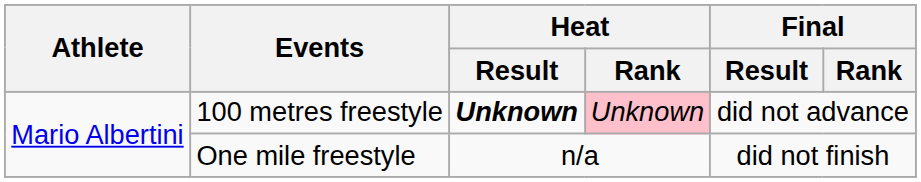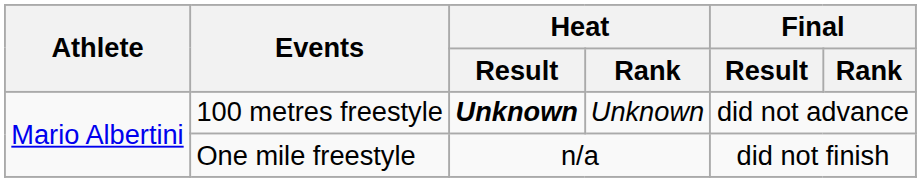 <table class=wikitable style="font-size:90%">
 <tr>
 <th rowspan="2">Athlete</th>
 <th rowspan="2">Events</th>
 <th colspan="2">Heat</th>
 <th colspan="2">Final</th>
 </tr>
 <tr>
 <th>Result</th>
 <th>Rank</th>
 <th>Result</th>
 <th>Rank</th>
 </tr>
 <tr>
 <td rowspan=2><a href='#'>Mario Albertini</a></td>
 <td>100 metres freestyle</td>
 <td align="center"><strong><em>Unknown</em></strong></td>
-<td align="center" style="background: pink;"><em>Unknown</em></td>
+<td align="center"><em>Unknown</em></td>
 <td align="center" colspan=2>did not advance</td>
 </tr>
 <tr>
 <td>One mile freestyle</td>
 <td align="center" colspan=2>n/a</td>
 <td align="center" colspan=2>did not finish</td>
 </tr>
 </table>
